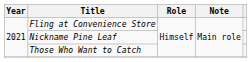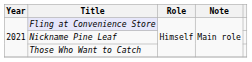 <table class="wikitable">
 <tr>
 <th scope="col">Year</th>
 <th scope="col">Title</th>
 <th scope="col">Role</th>
 <th scope="col">Note</th>
 <th scope="col" class="unsortable"></th>
 </tr>
 <tr>
 <td rowspan="3">2021</td>
-<td><em>Fling at Convenience Store</em></td>
+<td style="background: lavender;"><em>Fling at Convenience Store</em></td>
 <td rowspan="3">Himself</td>
 <td rowspan="3">Main role</td>
 <td></td>
 </tr>
 <tr>
 <td><em>Nickname Pine Leaf</em></td>
 <td></td>
 </tr>
 <tr>
 <td><em>Those Who Want to Catch</em></td>
 <td></td>
 </tr>
 <tr>
 </tr>
 </table>
